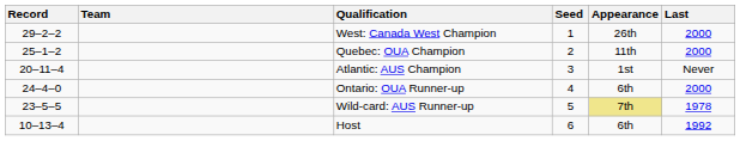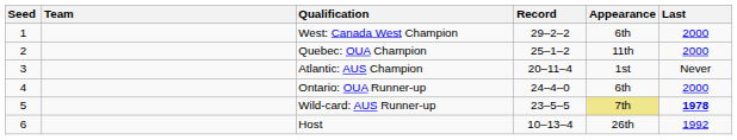 <table class="wikitable sortable" style="text-align: center;" width=1000>
 <tr style="background:#efefef; text-align:center">
-<th style="text-align:left" width=10%>Record</th>
+<th style="text-align:left" width=5%>Seed</th>
 <th style="text-align:left" width=35%>Team</th>
 <th style="text-align:left" width=30%>Qualification</th>
-<th style="text-align:left" width=5%>Seed</th>
+<th style="text-align:left" width=10%>Record</th>
 <th style="text-align:left" width=10%>Appearance</th>
 <th style="text-align:left" width=10%>Last</th>
 </tr>
 <tr style="text-align:center">
-<td style="text-align:center">29–2–2</td>
+<td style="text-align:center">1</td>
 <td style="text-align:left"><a href='#'></a></td>
 <td style="text-align:left">West: <a href='#'>Canada West</a> Champion</td>
-<td style="text-align:center">1</td>
-<td style="text-align:center">26th</td>
+<td style="text-align:center">29–2–2</td>
+<td style="text-align:center">6th</td>
 <td style="text-align:center"><a href='#'>2000</a></td>
 </tr>
 <tr style="text-align:center">
-<td style="text-align:center">25–1–2</td>
+<td style="text-align:center">2</td>
 <td style="text-align:left"><a href='#'></a></td>
 <td style="text-align:left">Quebec: <a href='#'>OUA</a> Champion</td>
-<td style="text-align:center">2</td>
+<td style="text-align:center">25–1–2</td>
 <td style="text-align:center">11th</td>
 <td style="text-align:center"><a href='#'>2000</a></td>
 </tr>
 <tr style="text-align:center">
-<td style="text-align:center">20–11–4</td>
+<td style="text-align:center">3</td>
 <td style="text-align:left"><a href='#'></a></td>
 <td style="text-align:left">Atlantic: <a href='#'>AUS</a> Champion</td>
-<td style="text-align:center">3</td>
+<td style="text-align:center">20–11–4</td>
 <td style="text-align:center">1st</td>
 <td style="text-align:center">Never</td>
 </tr>
 <tr style="text-align:center">
-<td style="text-align:center">24–4–0</td>
+<td style="text-align:center">4</td>
 <td style="text-align:left"><a href='#'></a></td>
 <td style="text-align:left">Ontario: <a href='#'>OUA</a> Runner-up</td>
-<td style="text-align:center">4</td>
+<td style="text-align:center">24–4–0</td>
 <td style="text-align:center">6th</td>
 <td style="text-align:center"><a href='#'>2000</a></td>
 </tr>
 <tr style="text-align:center">
-<td style="text-align:center">23–5–5</td>
+<td style="text-align:center">5</td>
 <td style="text-align:left"><a href='#'></a></td>
 <td style="text-align:left">Wild-card: <a href='#'>AUS</a> Runner-up</td>
-<td style="text-align:center">5</td>
+<td style="text-align:center">23–5–5</td>
 <td style="background: khaki; text-align:center">7th</td>
-<td style="text-align:center"><a href='#'>1978</a></td>
+<td style="text-align:center"><strong><a href='#'>1978</a></strong></td>
 </tr>
 <tr style="text-align:center">
-<td style="text-align:center">10–13–4</td>
+<td style="text-align:center">6</td>
 <td style="text-align:left"><a href='#'></a></td>
 <td style="text-align:left">Host</td>
-<td style="text-align:center">6</td>
-<td style="text-align:center">6th</td>
+<td style="text-align:center">10–13–4</td>
+<td style="text-align:center">26th</td>
 <td style="text-align:center"><a href='#'>1992</a></td>
 </tr>
 </table>
